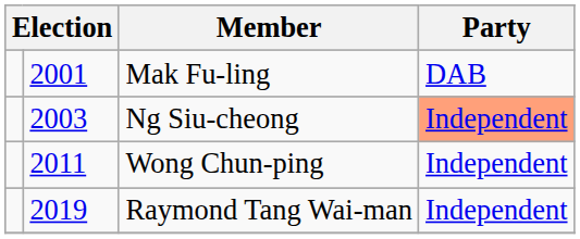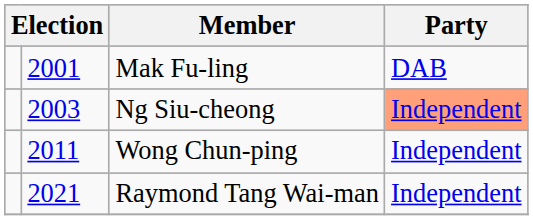 <table class="wikitable">
 <tr>
 <th colspan="2">Election</th>
 <th>Member</th>
 <th>Party</th>
 </tr>
 <tr>
 <td style="background-color:"></td>
 <td><a href='#'>2001</a></td>
 <td>Mak Fu-ling</td>
 <td><a href='#'>DAB</a></td>
 </tr>
 <tr>
 <td style="background-color:"></td>
 <td><a href='#'>2003</a></td>
 <td>Ng Siu-cheong</td>
 <td style="background: lightsalmon;"><a href='#'>Independent</a></td>
 </tr>
 <tr>
 <td style="background-color:"></td>
 <td><a href='#'>2011</a></td>
 <td>Wong Chun-ping</td>
 <td><a href='#'>Independent</a></td>
 </tr>
 <tr>
 <td style="background-color:"></td>
-<td><a href='#'>2019</a></td>
+<td><a href='#'>2021</a></td>
 <td>Raymond Tang Wai-man</td>
 <td><a href='#'>Independent</a></td>
 </tr>
 <tr>
 </tr>
 </table>
